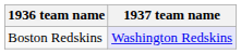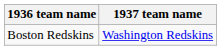 <table class="wikitable">
 <tr>
 <th>1936 team name</th>
 <th>1937 team name</th>
 </tr>
 <tr>
 <td>Boston Redskins</td>
-<td style="background: lavender;"><a href='#'>Washington Redskins</a></td>
+<td><a href='#'>Washington Redskins</a></td>
 </tr>
 </table>
